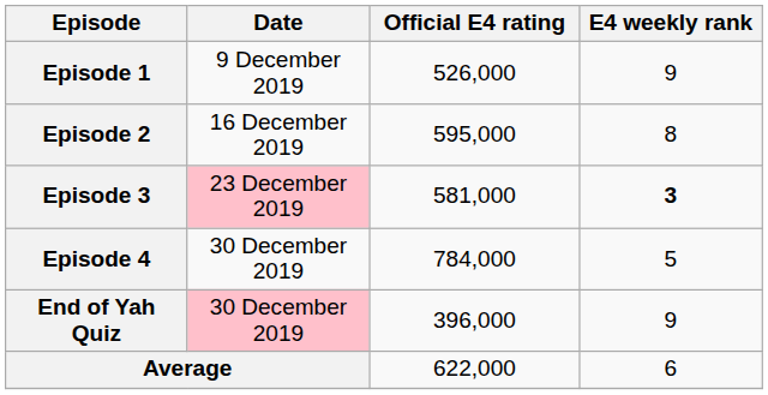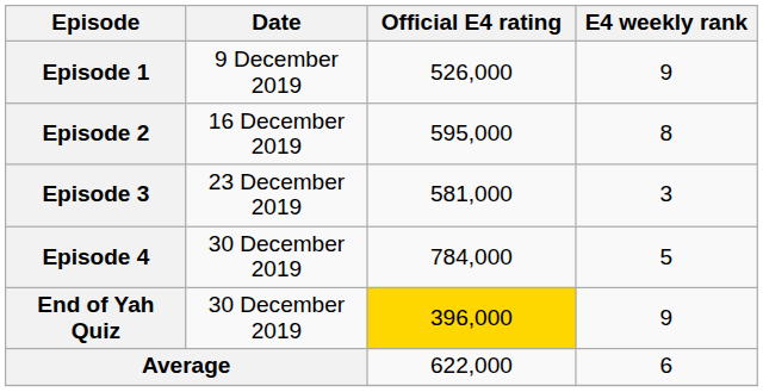 <table class="wikitable sortable" style="text-align:center">
 <tr>
 <th scope="col" style="width:120px;">Episode</th>
 <th scope="col" style="width:120px;">Date</th>
 <th scope="col" style="width:140px;">Official E4 rating</th>
 <th scope="col" style="width:120px;">E4 weekly rank</th>
 </tr>
 <tr>
 <th scope="row">Episode 1</th>
 <td>9 December 2019</td>
 <td>526,000</td>
 <td>9</td>
 </tr>
 <tr>
 <th scope="row">Episode 2</th>
 <td>16 December 2019</td>
 <td>595,000</td>
 <td>8</td>
 </tr>
 <tr>
 <th scope="row">Episode 3</th>
-<td style="background: pink;">23 December 2019</td>
+<td>23 December 2019</td>
 <td>581,000</td>
-<td><strong>3</strong></td>
+<td>3</td>
 </tr>
 <tr>
 <th scope="row">Episode 4</th>
 <td>30 December 2019</td>
 <td>784,000</td>
 <td>5</td>
 </tr>
 <tr>
 <th scope="row">End of Yah Quiz</th>
-<td style="background: pink;">30 December 2019</td>
-<td>396,000</td>
+<td>30 December 2019</td>
+<td style="background: gold;">396,000</td>
 <td>9</td>
 </tr>
 <tr>
 <th scope="row" colspan="2">Average</th>
 <td>622,000</td>
 <td>6</td>
 </tr>
 <tr>
 </tr>
 </table>
